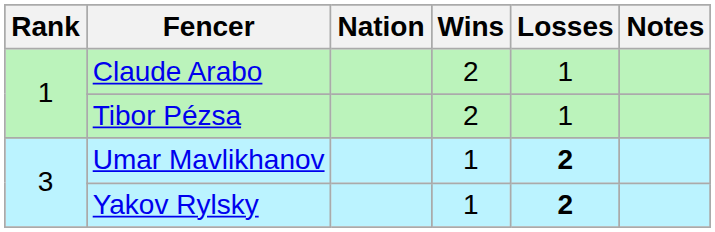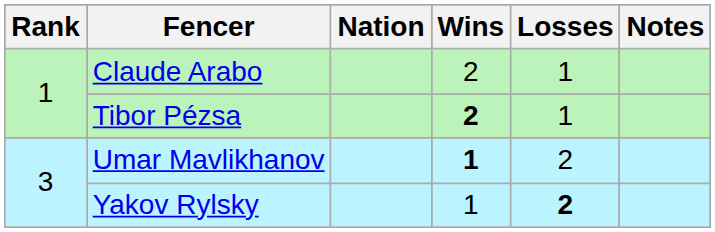 <table class="wikitable sortable" style="text-align:center">
 <tr>
 <th>Rank</th>
 <th>Fencer</th>
 <th>Nation</th>
 <th>Wins</th>
 <th>Losses</th>
 <th>Notes</th>
 </tr>
 <tr bgcolor=bbf3bb>
 <td rowspan=2>1</td>
 <td align=left><a href='#'>Claude Arabo</a></td>
 <td align=left></td>
 <td>2</td>
 <td>1</td>
 <td></td>
 </tr>
 <tr bgcolor=bbf3bb>
 <td align=left><a href='#'>Tibor Pézsa</a></td>
 <td align=left></td>
-<td>2</td>
+<td><strong>2</strong></td>
 <td>1</td>
 <td></td>
 </tr>
 <tr bgcolor=bbf3ff>
 <td rowspan=2>3</td>
 <td align=left><a href='#'>Umar Mavlikhanov</a></td>
 <td align=left></td>
-<td>1</td>
-<td><strong>2</strong></td>
+<td><strong>1</strong></td>
+<td>2</td>
 <td></td>
 </tr>
 <tr bgcolor=bbf3ff>
 <td align=left><a href='#'>Yakov Rylsky</a></td>
 <td align=left></td>
 <td>1</td>
 <td><strong>2</strong></td>
 <td></td>
 </tr>
 </table>
